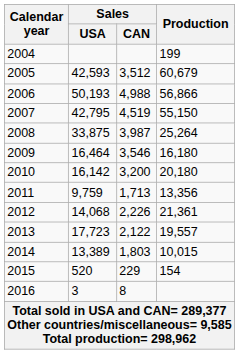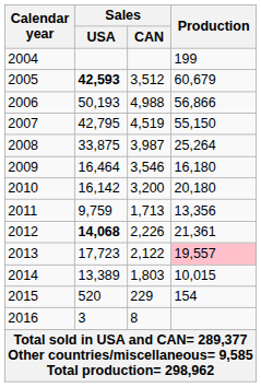 <table class="wikitable floatleft">
 <tr>
 <th rowspan="2">Calendar<br>year</th>
 <th colspan="2">Sales</th>
 <th rowspan="2">Production</th>
 </tr>
 <tr>
 <th>USA</th>
 <th>CAN</th>
 </tr>
 <tr>
 <td>2004</td>
 <td></td>
 <td></td>
 <td>199</td>
 </tr>
 <tr>
 <td>2005</td>
-<td>42,593</td>
+<td><strong>42,593</strong></td>
 <td>3,512</td>
 <td>60,679</td>
 </tr>
 <tr>
 <td>2006</td>
 <td>50,193</td>
 <td>4,988</td>
 <td>56,866</td>
 </tr>
 <tr>
 <td>2007</td>
 <td>42,795</td>
 <td>4,519</td>
 <td>55,150</td>
 </tr>
 <tr>
 <td>2008</td>
 <td>33,875</td>
 <td>3,987</td>
 <td>25,264</td>
 </tr>
 <tr>
 <td>2009</td>
 <td>16,464</td>
 <td>3,546</td>
 <td>16,180</td>
 </tr>
 <tr>
 <td>2010</td>
 <td>16,142</td>
 <td>3,200</td>
 <td>20,180</td>
 </tr>
 <tr>
 <td>2011</td>
 <td>9,759</td>
 <td>1,713</td>
 <td>13,356</td>
 </tr>
 <tr>
 <td>2012</td>
-<td>14,068</td>
+<td><strong>14,068</strong></td>
 <td>2,226</td>
 <td>21,361</td>
 </tr>
 <tr>
 <td>2013</td>
 <td>17,723</td>
 <td>2,122</td>
-<td>19,557</td>
+<td style="background: pink;">19,557</td>
 </tr>
 <tr>
 <td>2014</td>
 <td>13,389</td>
 <td>1,803</td>
 <td>10,015</td>
 </tr>
 <tr>
 <td>2015</td>
 <td>520</td>
 <td>229</td>
 <td>154</td>
 </tr>
 <tr>
 <td>2016</td>
 <td>3</td>
 <td>8</td>
 <td></td>
 </tr>
 <tr>
 <th colspan="4">Total sold in USA and CAN= 289,377<br>Other countries/miscellaneous= 9,585<br>Total production= 298,962</th>
 </tr>
 </table>
